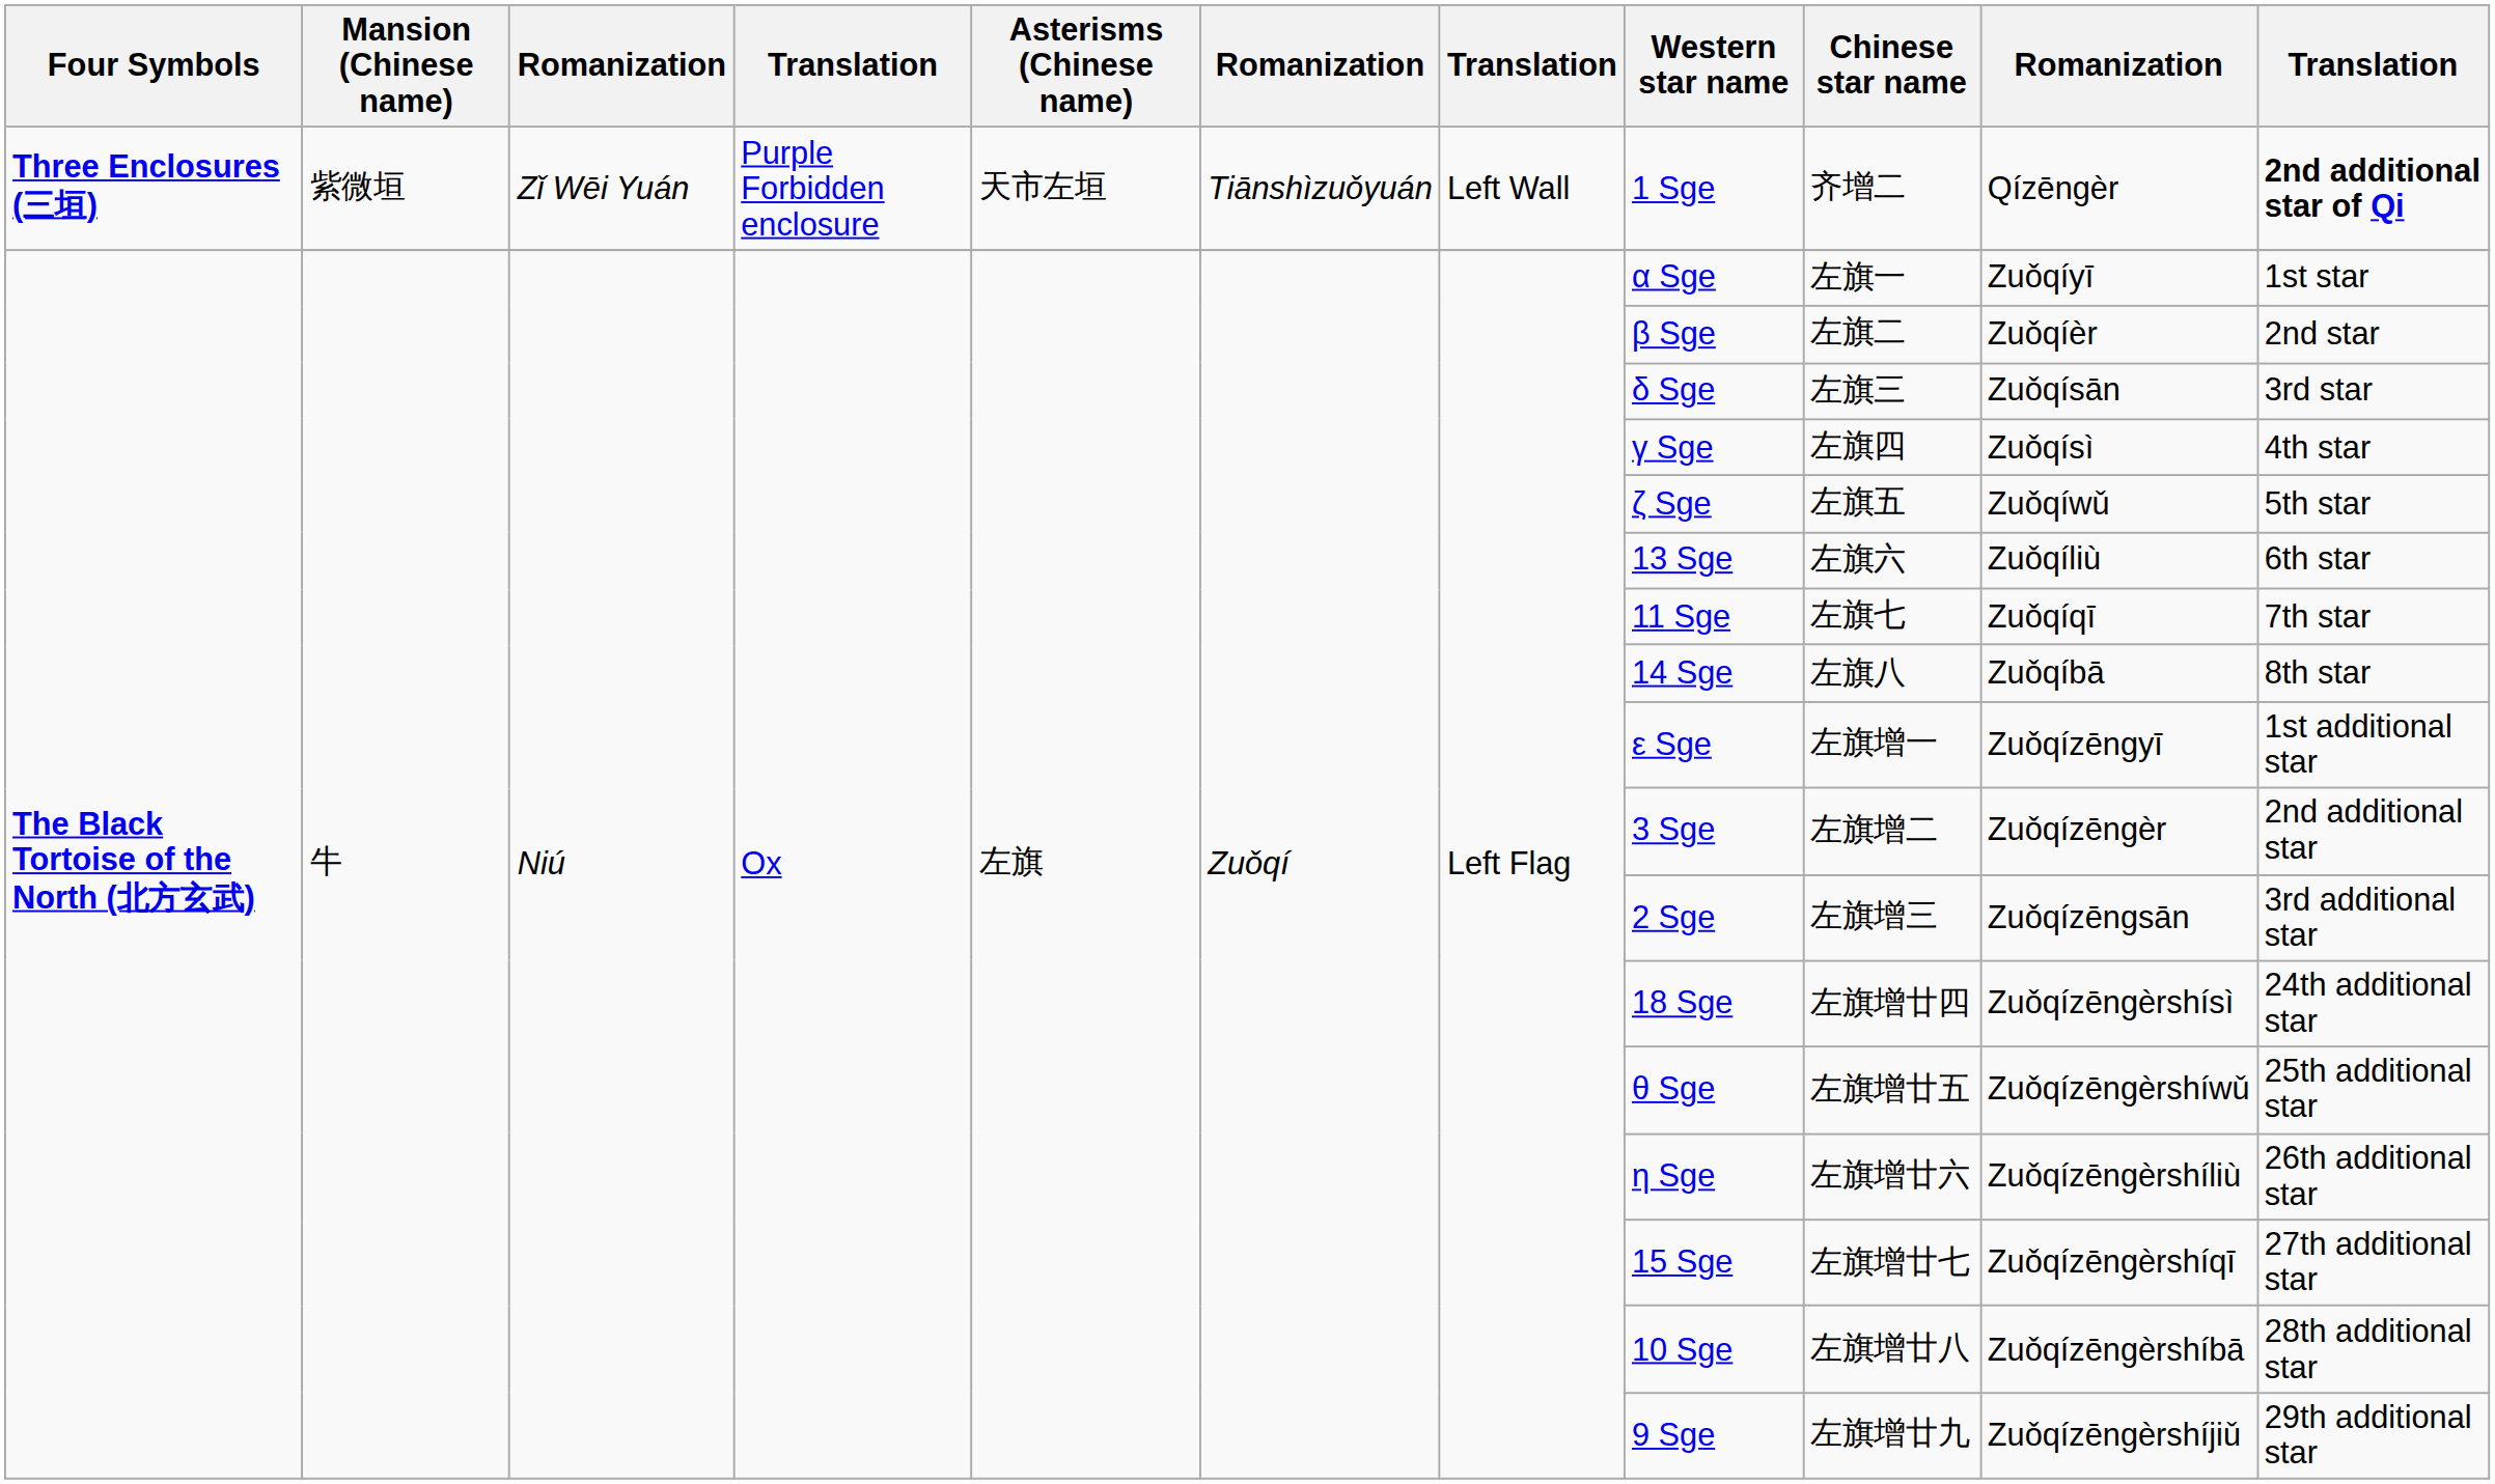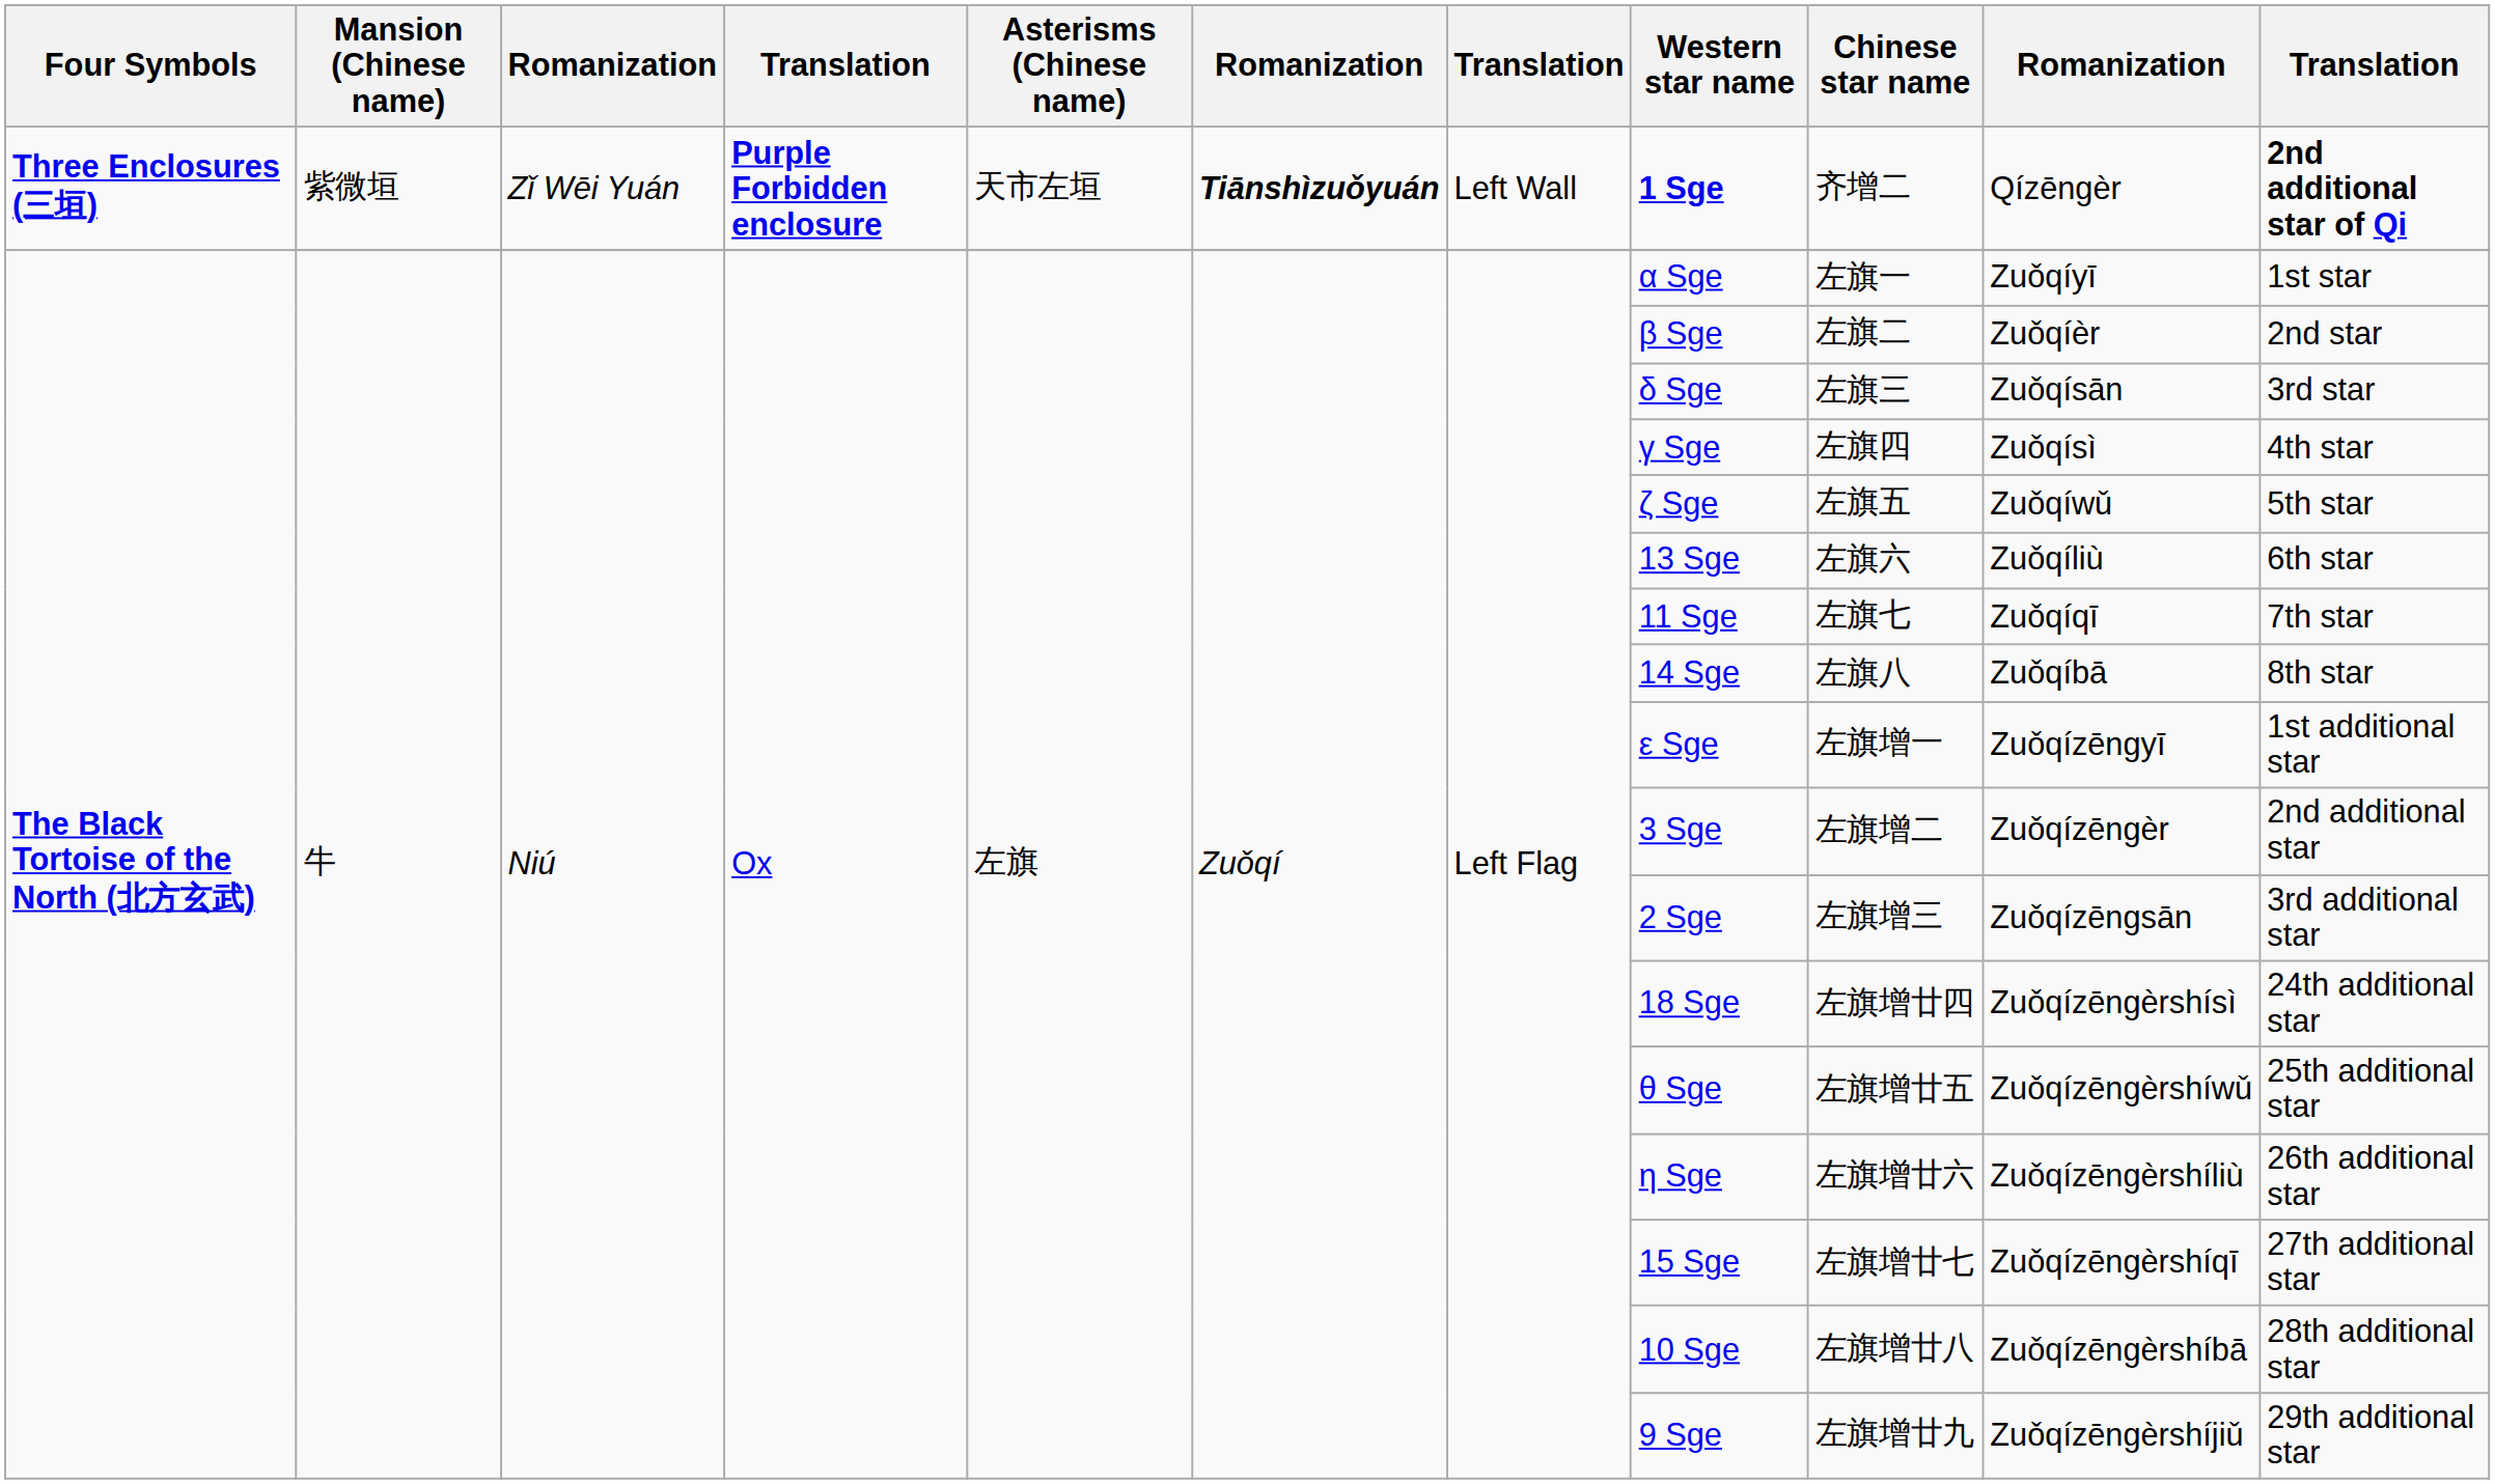 <table class="wikitable">
 <tr>
 <th><strong>Four Symbols</strong></th>
 <th><strong>Mansion (Chinese name)</strong></th>
 <th><strong>Romanization</strong></th>
 <th><strong>Translation</strong></th>
 <th><strong>Asterisms (Chinese name)</strong></th>
 <th><strong>Romanization</strong></th>
 <th><strong>Translation</strong></th>
 <th><strong>Western star name</strong></th>
 <th><strong>Chinese star name</strong></th>
 <th><strong>Romanization</strong></th>
 <th><strong>Translation</strong></th>
 </tr>
 <tr>
 <td><strong><a href='#'>Three Enclosures (三垣)</a></strong></td>
 <td>紫微垣</td>
 <td><em>Zǐ Wēi Yuán</em></td>
-<td><a href='#'>Purple Forbidden enclosure</a></td>
+<td><strong><a href='#'>Purple Forbidden enclosure</a></strong></td>
 <td>天市左垣</td>
-<td><em>Tiānshìzuǒyuán</em></td>
+<td><strong><em>Tiānshìzuǒyuán</em></strong></td>
 <td>Left Wall</td>
-<td><a href='#'>1 Sge</a></td>
+<td><strong><a href='#'>1 Sge</a></strong></td>
 <td>齐增二</td>
 <td>Qízēngèr</td>
 <td><strong>2nd additional star of <a href='#'>Qi</a></strong></td>
 </tr>
 <tr>
 <td rowspan="19"><strong><a href='#'>The Black Tortoise of the North (北方玄武)</a></strong></td>
 </tr>
 <tr>
 <td rowspan="19">牛</td>
 <td rowspan="19"><em>Niú</em></td>
 <td rowspan="19"><a href='#'>Ox</a></td>
 <td rowspan="19">左旗</td>
 <td rowspan="19"><em>Zuǒqí</em></td>
 <td rowspan="19">Left Flag</td>
 </tr>
 <tr>
 <td><a href='#'>α Sge</a></td>
 <td>左旗一</td>
 <td>Zuǒqíyī</td>
 <td>1st star</td>
 </tr>
 <tr>
 <td><a href='#'>β Sge</a></td>
 <td>左旗二</td>
 <td>Zuǒqíèr</td>
 <td>2nd star</td>
 </tr>
 <tr>
 <td><a href='#'>δ Sge</a></td>
 <td>左旗三</td>
 <td>Zuǒqísān</td>
 <td>3rd star</td>
 </tr>
 <tr>
 <td><a href='#'>γ Sge</a></td>
 <td>左旗四</td>
 <td>Zuǒqísì</td>
 <td>4th star</td>
 </tr>
 <tr>
 <td><a href='#'>ζ Sge</a></td>
 <td>左旗五</td>
 <td>Zuǒqíwǔ</td>
 <td>5th star</td>
 </tr>
 <tr>
 <td><a href='#'>13 Sge</a></td>
 <td>左旗六</td>
 <td>Zuǒqíliù</td>
 <td>6th star</td>
 </tr>
 <tr>
 <td><a href='#'>11 Sge</a></td>
 <td>左旗七</td>
 <td>Zuǒqíqī</td>
 <td>7th star</td>
 </tr>
 <tr>
 <td><a href='#'>14 Sge</a></td>
 <td>左旗八</td>
 <td>Zuǒqíbā</td>
 <td>8th star</td>
 </tr>
 <tr>
 <td><a href='#'>ε Sge</a></td>
 <td>左旗增一</td>
 <td>Zuǒqízēngyī</td>
 <td>1st additional star</td>
 </tr>
 <tr>
 <td><a href='#'>3 Sge</a></td>
 <td>左旗增二</td>
 <td>Zuǒqízēngèr</td>
 <td>2nd additional star</td>
 </tr>
 <tr>
 <td><a href='#'>2 Sge</a></td>
 <td>左旗增三</td>
 <td>Zuǒqízēngsān</td>
 <td>3rd additional star</td>
 </tr>
 <tr>
 <td><a href='#'>18 Sge</a></td>
 <td>左旗增廿四</td>
 <td>Zuǒqízēngèrshísì</td>
 <td>24th additional star</td>
 </tr>
 <tr>
 <td><a href='#'>θ Sge</a></td>
 <td>左旗增廿五</td>
 <td>Zuǒqízēngèrshíwǔ</td>
 <td>25th additional star</td>
 </tr>
 <tr>
 <td><a href='#'>η Sge</a></td>
 <td>左旗增廿六</td>
 <td>Zuǒqízēngèrshíliù</td>
 <td>26th additional star</td>
 </tr>
 <tr>
 <td><a href='#'>15 Sge</a></td>
 <td>左旗增廿七</td>
 <td>Zuǒqízēngèrshíqī</td>
 <td>27th additional star</td>
 </tr>
 <tr>
 <td><a href='#'>10 Sge</a></td>
 <td>左旗增廿八</td>
 <td>Zuǒqízēngèrshíbā</td>
 <td>28th additional star</td>
 </tr>
 <tr>
 <td><a href='#'>9 Sge</a></td>
 <td>左旗增廿九</td>
 <td>Zuǒqízēngèrshíjiǔ</td>
 <td>29th additional star</td>
 </tr>
 </table>
